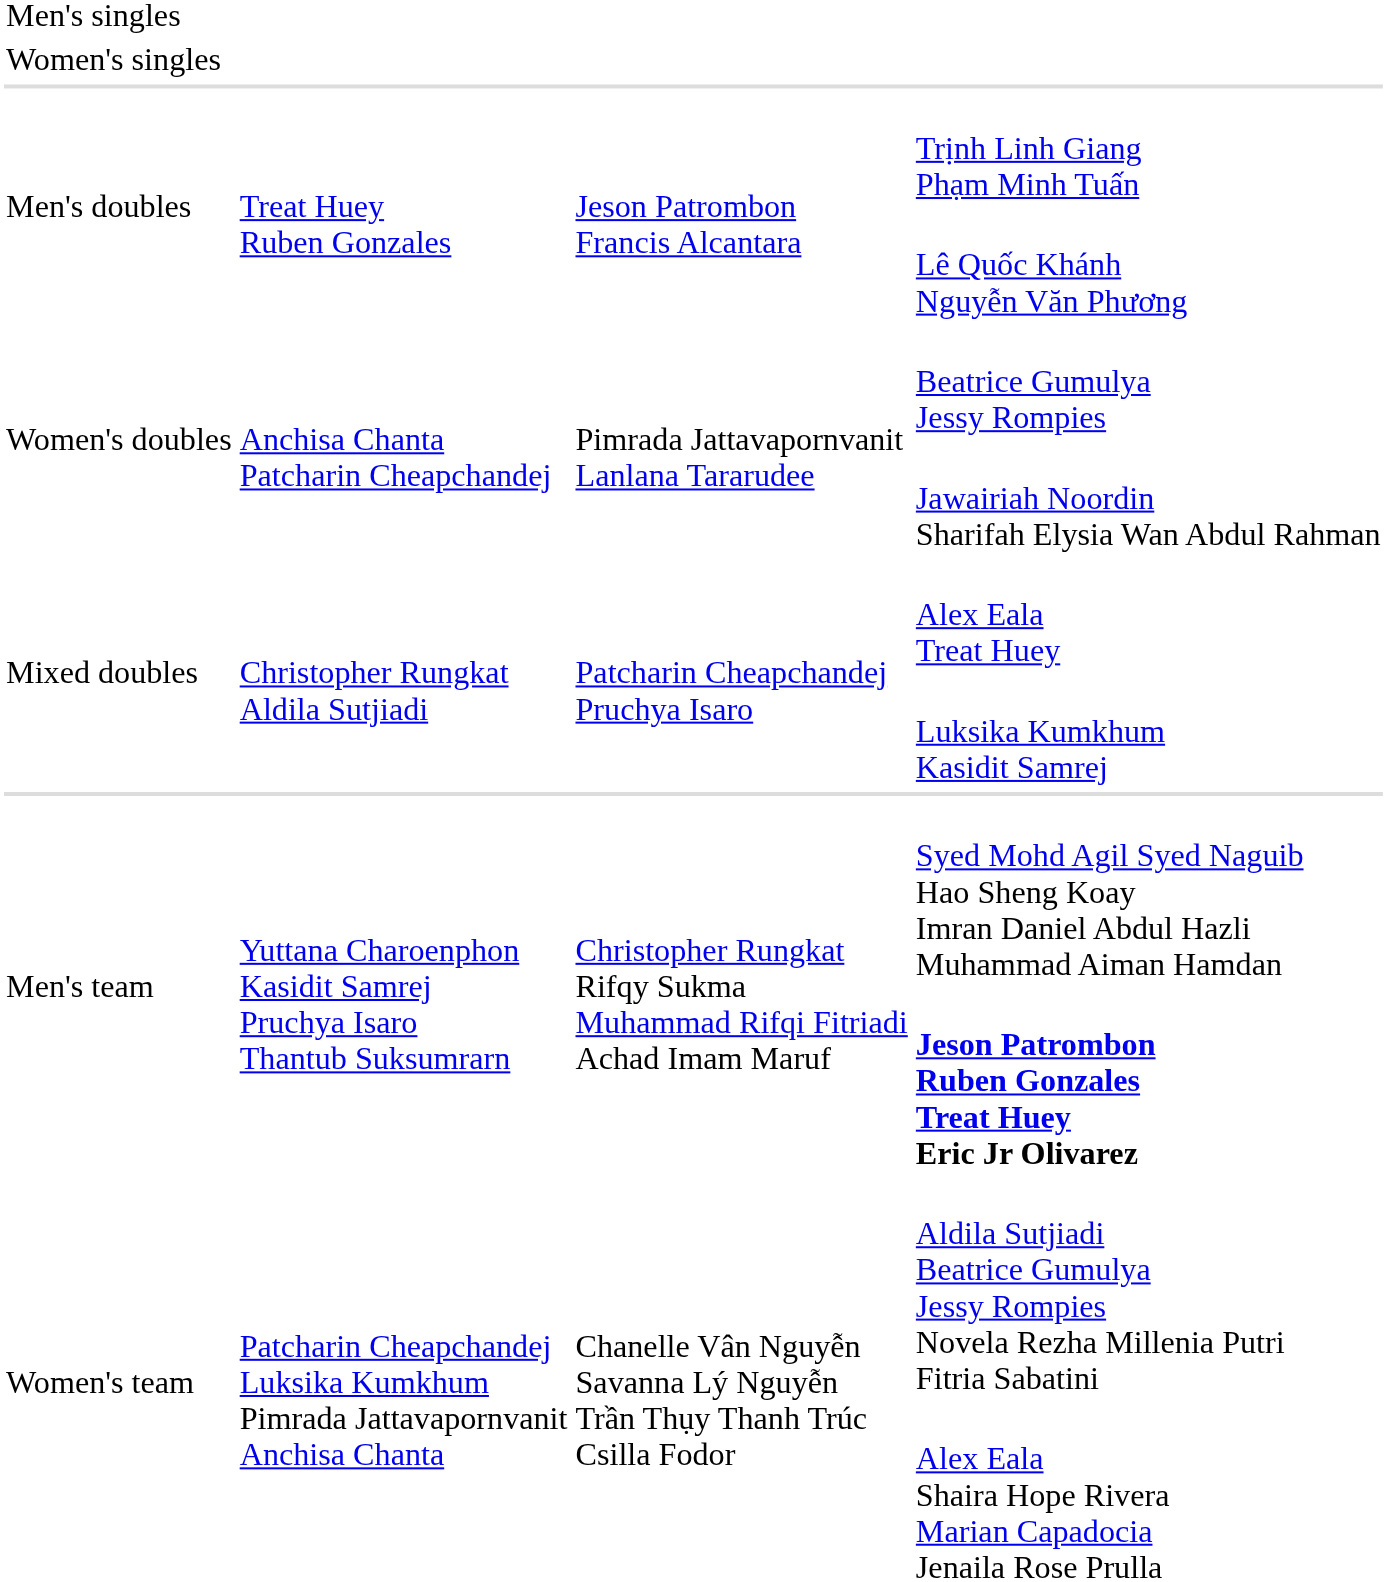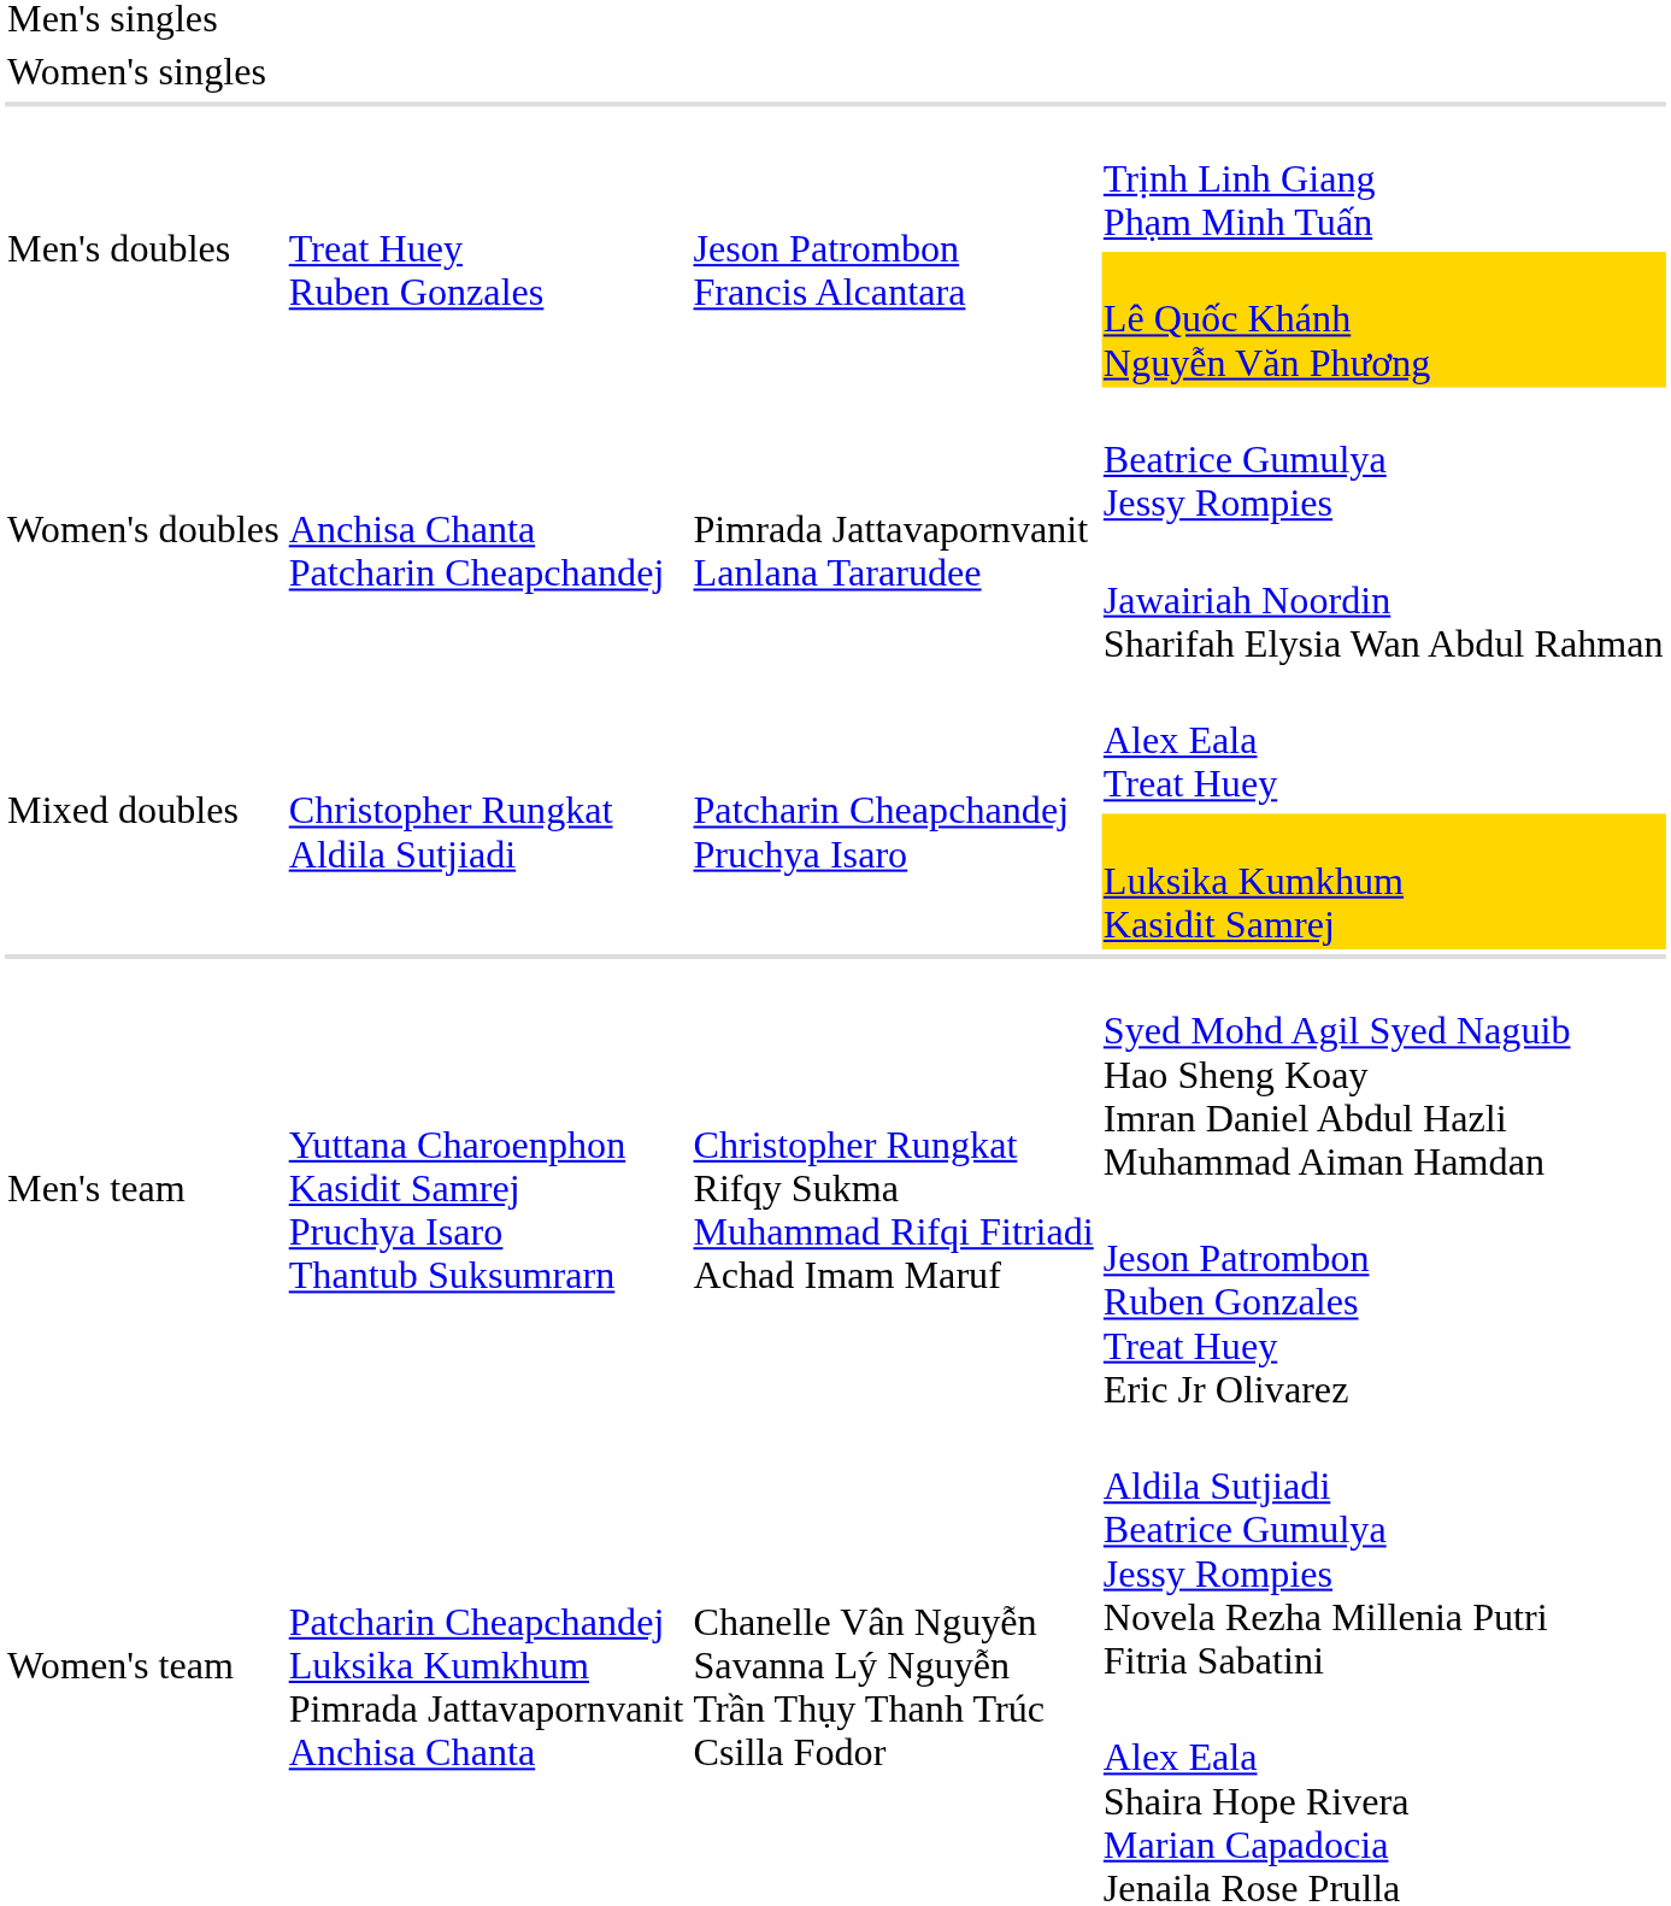 <table>
 <tr>
 <td rowspan=2>Men's singles</td>
 <td rowspan=2></td>
 <td rowspan=2></td>
 <td></td>
 </tr>
 <tr>
 <td></td>
 </tr>
 <tr>
 <td rowspan=2>Women's singles</td>
 <td rowspan=2></td>
 <td rowspan=2></td>
 <td></td>
 </tr>
 <tr>
 <td></td>
 </tr>
 <tr style="background:#dddddd;">
 <td colspan=7></td>
 </tr>
 <tr>
 <td rowspan=2>Men's doubles</td>
 <td rowspan=2><br><a href='#'>Treat Huey</a><br><a href='#'>Ruben Gonzales</a></td>
 <td rowspan=2><br><a href='#'>Jeson Patrombon</a><br><a href='#'>Francis Alcantara</a></td>
 <td><br><a href='#'>Trịnh Linh Giang</a><br><a href='#'>Phạm Minh Tuấn</a></td>
 </tr>
 <tr>
-<td><br><a href='#'>Lê Quốc Khánh</a><br><a href='#'>Nguyễn Văn Phương</a></td>
+<td style="background: gold;"><br><a href='#'>Lê Quốc Khánh</a><br><a href='#'>Nguyễn Văn Phương</a></td>
 </tr>
 <tr>
 <td rowspan=2>Women's doubles</td>
 <td rowspan=2><br><a href='#'>Anchisa Chanta</a><br><a href='#'>Patcharin Cheapchandej</a></td>
 <td rowspan=2><br>Pimrada Jattavapornvanit<br><a href='#'>Lanlana Tararudee</a></td>
 <td><br><a href='#'>Beatrice Gumulya</a><br><a href='#'>Jessy Rompies</a></td>
 </tr>
 <tr>
 <td><br><a href='#'>Jawairiah Noordin</a><br>Sharifah Elysia Wan Abdul Rahman</td>
 </tr>
 <tr>
 <td rowspan=2>Mixed doubles</td>
 <td rowspan=2><br><a href='#'>Christopher Rungkat</a><br><a href='#'>Aldila Sutjiadi</a></td>
 <td rowspan=2><br><a href='#'>Patcharin Cheapchandej</a><br><a href='#'>Pruchya Isaro</a></td>
 <td><br><a href='#'>Alex Eala</a><br><a href='#'>Treat Huey</a></td>
 </tr>
 <tr>
-<td><br><a href='#'>Luksika Kumkhum</a><br><a href='#'>Kasidit Samrej</a></td>
+<td style="background: gold;"><br><a href='#'>Luksika Kumkhum</a><br><a href='#'>Kasidit Samrej</a></td>
 </tr>
 <tr style="background:#dddddd;">
 <td colspan=7></td>
 </tr>
 <tr>
 <td rowspan=2>Men's team</td>
 <td rowspan=2><br><a href='#'>Yuttana Charoenphon</a><br><a href='#'>Kasidit Samrej</a><br><a href='#'>Pruchya Isaro</a><br><a href='#'>Thantub Suksumrarn</a></td>
 <td rowspan=2><br><a href='#'>Christopher Rungkat</a><br>Rifqy Sukma<br><a href='#'>Muhammad Rifqi Fitriadi</a> <br>Achad Imam Maruf</td>
 <td><br><a href='#'>Syed Mohd Agil Syed Naguib</a><br>Hao Sheng Koay<br>Imran Daniel Abdul Hazli<br>Muhammad Aiman Hamdan</td>
 </tr>
 <tr>
-<td><strong><br> <a href='#'>Jeson Patrombon</a><br><a href='#'>Ruben Gonzales</a><br><a href='#'>Treat Huey</a><br>Eric Jr Olivarez</strong></td>
+<td><br> <a href='#'>Jeson Patrombon</a><br><a href='#'>Ruben Gonzales</a><br><a href='#'>Treat Huey</a><br>Eric Jr Olivarez</td>
 </tr>
 <tr>
 <td rowspan=2>Women's team</td>
 <td rowspan=2><br><a href='#'>Patcharin Cheapchandej</a><br><a href='#'>Luksika Kumkhum</a><br>Pimrada Jattavapornvanit<br><a href='#'>Anchisa Chanta</a></td>
 <td rowspan=2><br>Chanelle Vân Nguyễn<br>Savanna Lý Nguyễn<br>Trần Thụy Thanh Trúc<br>Csilla Fodor</td>
 <td><br><a href='#'>Aldila Sutjiadi</a><br><a href='#'>Beatrice Gumulya</a><br><a href='#'>Jessy Rompies</a><br>Novela Rezha Millenia Putri<br>Fitria Sabatini</td>
 </tr>
 <tr>
 <td><br><a href='#'>Alex Eala</a><br>Shaira Hope Rivera<br><a href='#'>Marian Capadocia</a><br>Jenaila Rose Prulla</td>
 </tr>
 <tr>
 </tr>
 </table>
